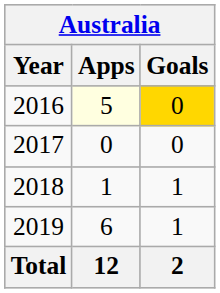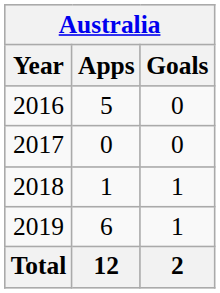 <table class="wikitable" style="text-align:center">
 <tr>
 <th colspan="3"><a href='#'>Australia</a></th>
 </tr>
 <tr>
 <th>Year</th>
 <th>Apps</th>
 <th>Goals</th>
 </tr>
 <tr>
 <td>2016</td>
-<td style="background: lightyellow;">5</td>
-<td style="background: gold;">0</td>
+<td>5</td>
+<td>0</td>
 </tr>
 <tr>
 <td>2017</td>
 <td>0</td>
 <td>0</td>
 </tr>
 <tr>
 <td>2018</td>
 <td>1</td>
 <td>1</td>
 </tr>
 <tr>
 <td>2019</td>
 <td>6</td>
 <td>1</td>
 </tr>
 <tr>
 <th>Total</th>
 <th>12</th>
 <th>2</th>
 </tr>
 </table>
